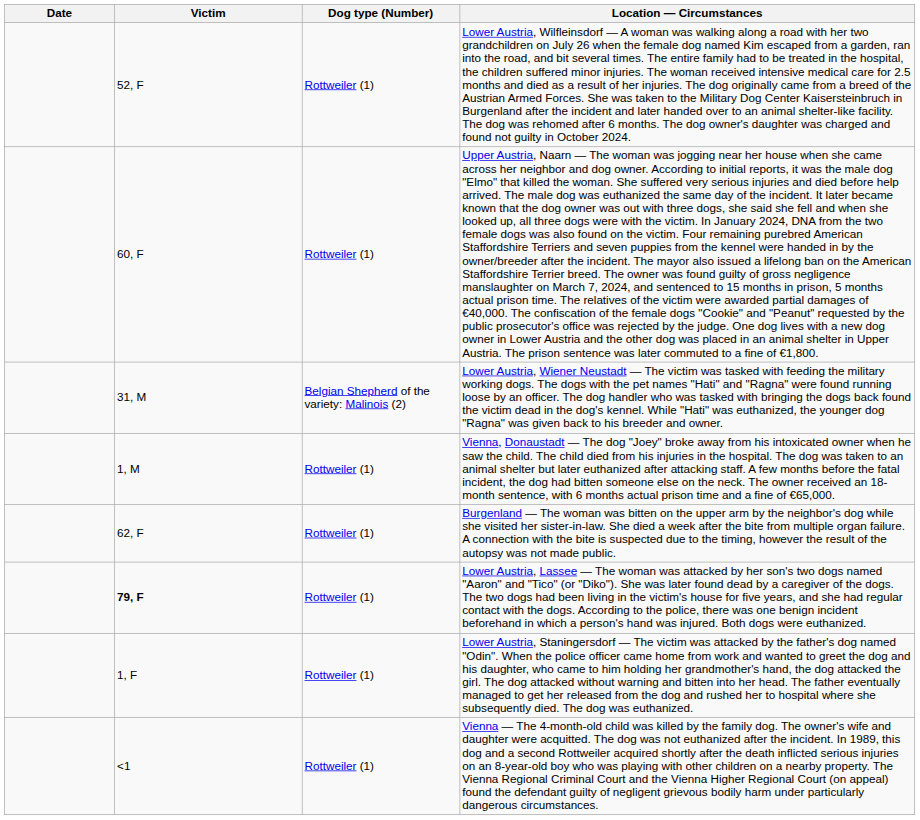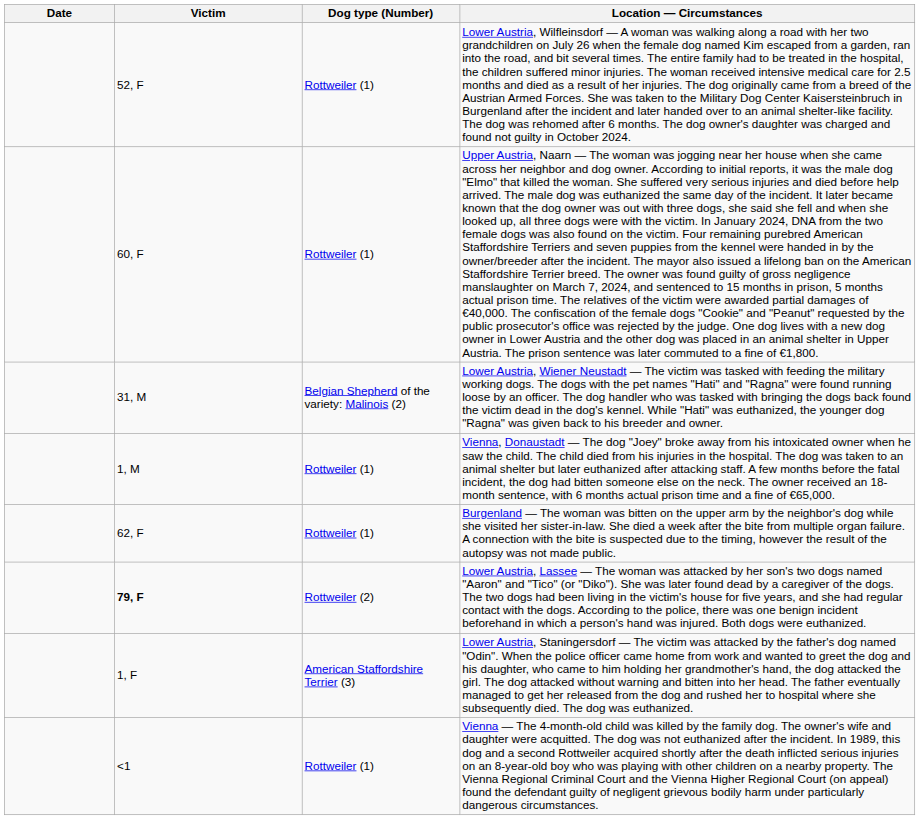 <table class="wikitable sortable">
 <tr>
 <th width="85">Date</th>
 <th style="width:150px;">Victim</th>
 <th style="width:125px;">Dog type (Number)</th>
 <th width="50%">Location — Circumstances</th>
 </tr>
 <tr>
 <td></td>
 <td>52, F</td>
 <td><a href='#'>Rottweiler</a> (1)</td>
 <td><a href='#'>Lower Austria</a>, Wilfleinsdorf — A woman was walking along a road with her two grandchildren on July 26 when the female dog named Kim escaped from a garden, ran into the road, and bit several times. The entire family had to be treated in the hospital, the children suffered minor injuries. The woman received intensive medical care for 2.5 months and died as a result of her injuries. The dog originally came from a breed of the Austrian Armed Forces. She was taken to the Military Dog Center Kaisersteinbruch in Burgenland after the incident and later handed over to an animal shelter-like facility. The dog was rehomed after 6 months. The dog owner's daughter was charged and found not guilty in October 2024.</td>
 </tr>
 <tr>
 <td></td>
 <td>60, F</td>
 <td><a href='#'>Rottweiler</a> (1)</td>
 <td><a href='#'>Upper Austria</a>, Naarn — The woman was jogging near her house when she came across her neighbor and dog owner. According to initial reports, it was the male dog "Elmo" that killed the woman. She suffered very serious injuries and died before help arrived. The male dog was euthanized the same day of the incident. It later became known that the dog owner was out with three dogs, she said she fell and when she looked up, all three dogs were with the victim. In January 2024, DNA from the two female dogs was also found on the victim. Four remaining purebred American Staffordshire Terriers and seven puppies from the kennel were handed in by the owner/breeder after the incident. The mayor also issued a lifelong ban on the American Staffordshire Terrier breed. The owner was found guilty of gross negligence manslaughter on March 7, 2024, and sentenced to 15 months in prison, 5 months actual prison time. The relatives of the victim were awarded partial damages of €40,000. The confiscation of the female dogs "Cookie" and "Peanut" requested by the public prosecutor's office was rejected by the judge. One dog lives with a new dog owner in Lower Austria and the other dog was placed in an animal shelter in Upper Austria. The prison sentence was later commuted to a fine of €1,800.</td>
 </tr>
 <tr>
 <td></td>
 <td>31, M</td>
 <td><a href='#'>Belgian Shepherd</a> of the variety: <a href='#'>Malinois</a> (2)</td>
 <td><a href='#'>Lower Austria</a>, <a href='#'>Wiener Neustadt</a> — The victim was tasked with feeding the military working dogs. The dogs with the pet names "Hati" and "Ragna" were found running loose by an officer. The dog handler who was tasked with bringing the dogs back found the victim dead in the dog's kennel. While "Hati" was euthanized, the younger dog "Ragna" was given back to his breeder and owner.</td>
 </tr>
 <tr>
 <td></td>
 <td>1, M</td>
 <td><a href='#'>Rottweiler</a> (1)</td>
 <td><a href='#'>Vienna</a>, <a href='#'>Donaustadt</a> — The dog "Joey" broke away from his intoxicated owner when he saw the child. The child died from his injuries in the hospital. The dog was taken to an animal shelter but later euthanized after attacking staff. A few months before the fatal incident, the dog had bitten someone else on the neck. The owner received an 18-month sentence, with 6 months actual prison time and a fine of €65,000.</td>
 </tr>
 <tr>
 <td></td>
 <td>62, F</td>
 <td><a href='#'>Rottweiler</a> (1)</td>
 <td><a href='#'>Burgenland</a> — The woman was bitten on the upper arm by the neighbor's dog while she visited her sister-in-law. She died a week after the bite from multiple organ failure. A connection with the bite is suspected due to the timing, however the result of the autopsy was not made public.</td>
 </tr>
 <tr>
 <td></td>
 <td><strong>79, F</strong></td>
-<td><a href='#'>Rottweiler</a> (1)</td>
+<td><a href='#'>Rottweiler</a> (2)</td>
 <td><a href='#'>Lower Austria</a>, <a href='#'>Lassee</a> — The woman was attacked by her son's two dogs named "Aaron" and "Tico" (or "Diko"). She was later found dead by a caregiver of the dogs. The two dogs had been living in the victim's house for five years, and she had regular contact with the dogs. According to the police, there was one benign incident beforehand in which a person's hand was injured. Both dogs were euthanized.</td>
 </tr>
 <tr>
 <td></td>
 <td>1, F</td>
-<td><a href='#'>Rottweiler</a> (1)</td>
+<td><a href='#'>American Staffordshire Terrier</a> (3)</td>
 <td><a href='#'>Lower Austria</a>, Staningersdorf — The victim was attacked by the father's dog named "Odin". When the police officer came home from work and wanted to greet the dog and his daughter, who came to him holding her grandmother's hand, the dog attacked the girl. The dog attacked without warning and bitten into her head. The father eventually managed to get her released from the dog and rushed her to hospital where she subsequently died. The dog was euthanized.</td>
 </tr>
 <tr>
 <td></td>
 <td><1</td>
 <td><a href='#'>Rottweiler</a> (1)</td>
 <td><a href='#'>Vienna</a> — The 4-month-old child was killed by the family dog. The owner's wife and daughter were acquitted. The dog was not euthanized after the incident. In 1989, this dog and a second Rottweiler acquired shortly after the death inflicted serious injuries on an 8-year-old boy who was playing with other children on a nearby property. The Vienna Regional Criminal Court and the Vienna Higher Regional Court (on appeal) found the defendant guilty of negligent grievous bodily harm under particularly dangerous circumstances.</td>
 </tr>
 </table>
